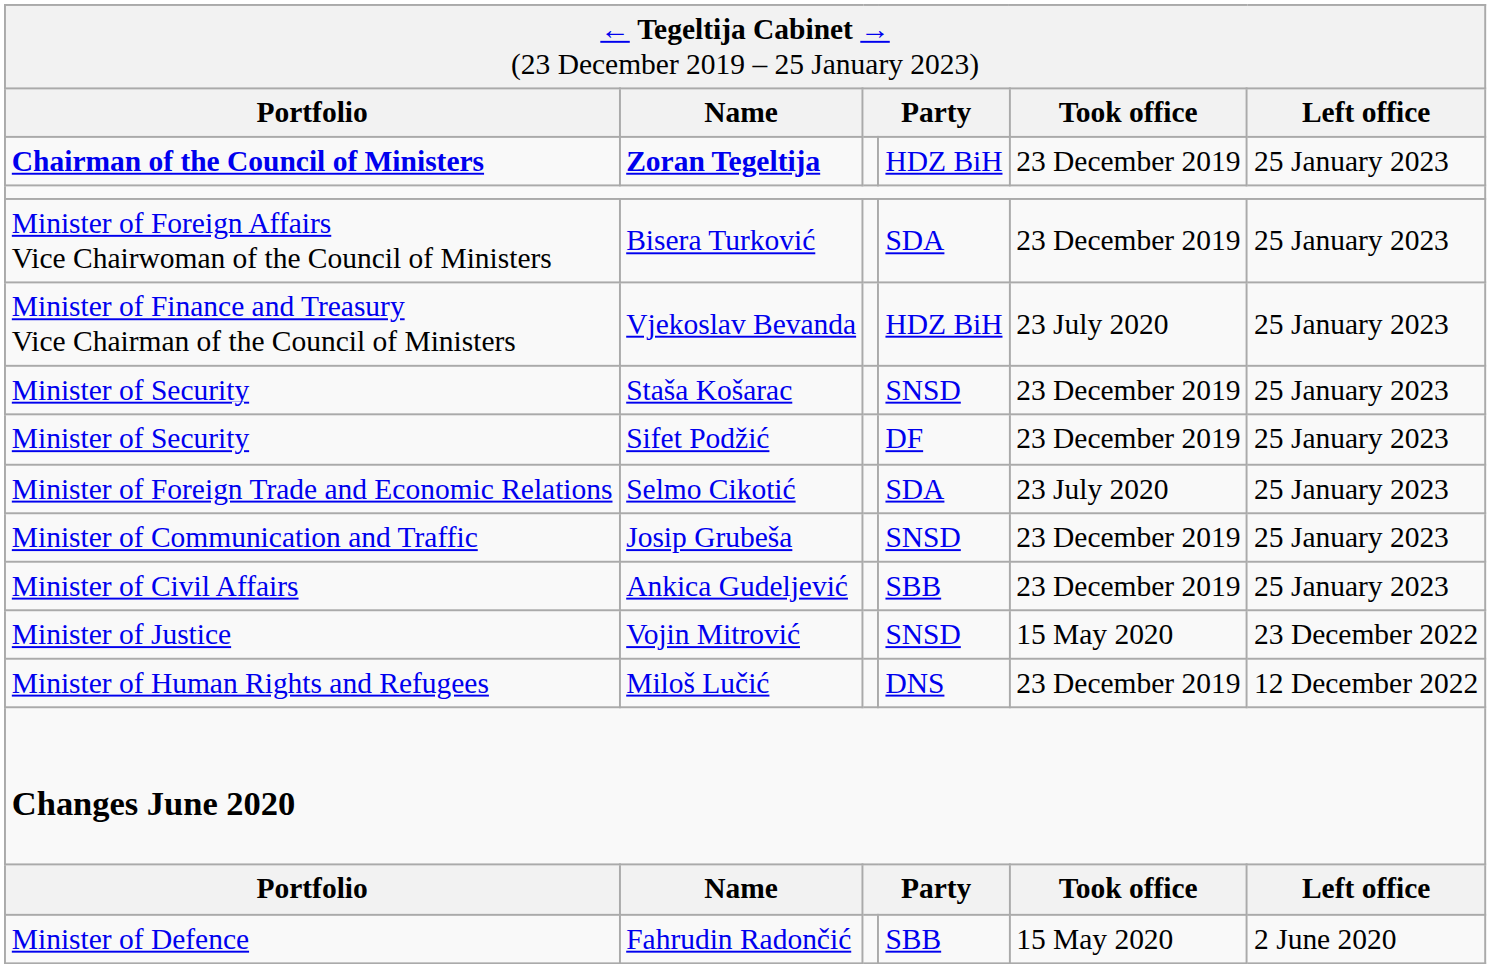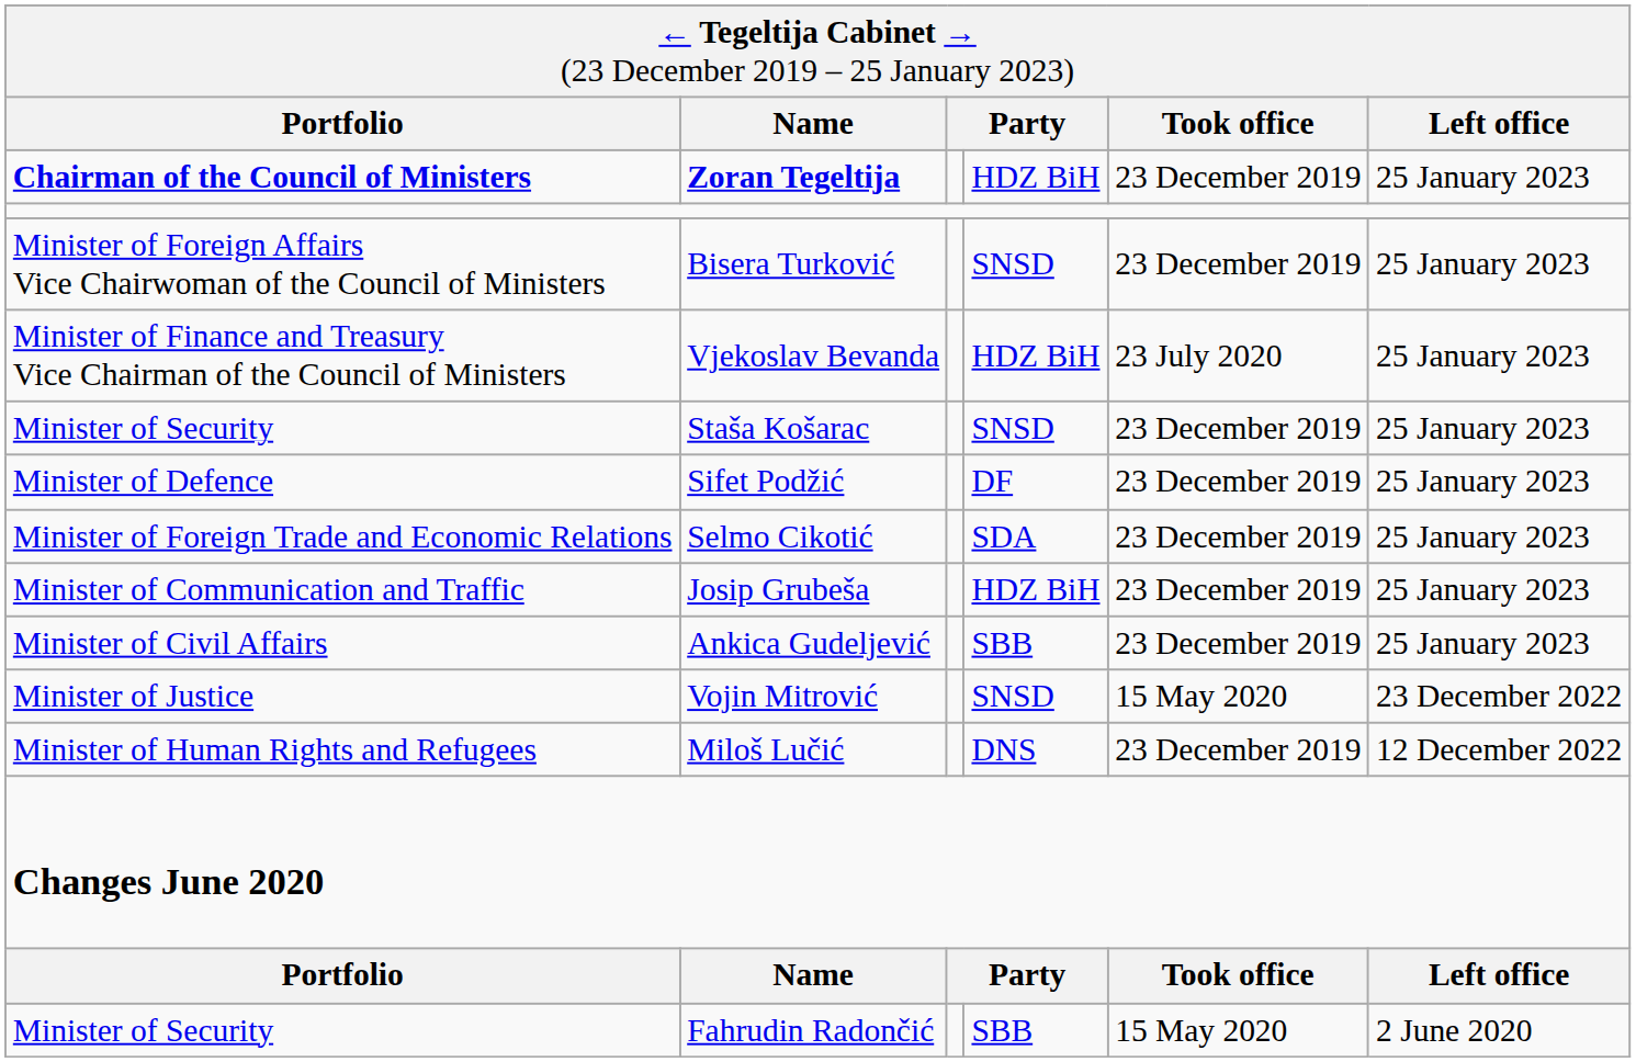 <table class="wikitable" style="font-size:95%;">
 <tr>
 <td colspan="7" bgcolor="#F2F2F2" align="center"><a href='#'>←</a> <strong>Tegeltija Cabinet</strong> <a href='#'>→</a> <br> (23 December 2019 – 25 January 2023)</td>
 </tr>
 <tr>
 <th>Portfolio</th>
 <th>Name</th>
 <th colspan="2">Party</th>
 <th>Took office</th>
 <th>Left office</th>
 </tr>
 <tr>
 <td><strong><a href='#'>Chairman of the Council of Ministers</a></strong></td>
 <td><strong><a href='#'>Zoran Tegeltija</a></strong></td>
 <td width="1" style="background-color:"></td>
 <td><a href='#'>HDZ BiH</a></td>
 <td>23 December 2019</td>
 <td>25 January 2023</td>
 </tr>
 <tr>
 <td colspan="7"></td>
 </tr>
 <tr>
 <td><a href='#'>Minister of Foreign Affairs</a> <br> Vice Chairwoman of the Council of Ministers</td>
 <td><a href='#'>Bisera Turković</a></td>
 <td style="background-color:"></td>
-<td><a href='#'>SDA</a></td>
+<td><a href='#'>SNSD</a></td>
 <td>23 December 2019</td>
 <td>25 January 2023</td>
 </tr>
 <tr>
 <td><a href='#'>Minister of Finance and Treasury</a> <br> Vice Chairman of the Council of Ministers</td>
 <td><a href='#'>Vjekoslav Bevanda</a></td>
 <td style="background-color:"></td>
 <td><a href='#'>HDZ BiH</a></td>
 <td>23 July 2020</td>
 <td>25 January 2023</td>
 </tr>
 <tr>
 <td><a href='#'>Minister of Security</a></td>
 <td><a href='#'>Staša Košarac</a></td>
 <td style="background-color:"></td>
 <td><a href='#'>SNSD</a></td>
 <td>23 December 2019</td>
 <td>25 January 2023</td>
 </tr>
 <tr>
-<td><a href='#'>Minister of Security</a></td>
+<td><a href='#'>Minister of Defence</a></td>
 <td><a href='#'>Sifet Podžić</a></td>
 <td style="background-color:"></td>
 <td><a href='#'>DF</a></td>
 <td>23 December 2019</td>
 <td>25 January 2023</td>
 </tr>
 <tr>
 <td><a href='#'>Minister of Foreign Trade and Economic Relations</a></td>
 <td><a href='#'>Selmo Cikotić</a></td>
 <td style="background-color:"></td>
 <td><a href='#'>SDA</a></td>
-<td>23 July 2020</td>
+<td>23 December 2019</td>
 <td>25 January 2023</td>
 </tr>
 <tr>
 <td><a href='#'>Minister of Communication and Traffic</a></td>
 <td><a href='#'>Josip Grubeša</a></td>
 <td style="background-color:"></td>
-<td><a href='#'>SNSD</a></td>
+<td><a href='#'>HDZ BiH</a></td>
 <td>23 December 2019</td>
 <td>25 January 2023</td>
 </tr>
 <tr>
 <td><a href='#'>Minister of Civil Affairs</a></td>
 <td><a href='#'>Ankica Gudeljević</a></td>
 <td style="background-color:"></td>
 <td><a href='#'>SBB</a></td>
 <td>23 December 2019</td>
 <td>25 January 2023</td>
 </tr>
 <tr>
 <td><a href='#'>Minister of Justice</a></td>
 <td><a href='#'>Vojin Mitrović</a></td>
 <td style="background-color:"></td>
 <td><a href='#'>SNSD</a></td>
 <td>15 May 2020</td>
 <td>23 December 2022</td>
 </tr>
 <tr>
 <td><a href='#'>Minister of Human Rights and Refugees</a></td>
 <td><a href='#'>Miloš Lučić</a></td>
 <td style="background-color:"></td>
 <td><a href='#'>DNS</a></td>
 <td>23 December 2019</td>
 <td>12 December 2022</td>
 </tr>
 <tr>
 <td colspan="7"><br><h3>Changes June 2020</h3></td>
 </tr>
 <tr>
 <th>Portfolio</th>
 <th>Name</th>
 <th colspan="2">Party</th>
 <th>Took office</th>
 <th>Left office</th>
 </tr>
 <tr>
-<td><a href='#'>Minister of Defence</a></td>
+<td><a href='#'>Minister of Security</a></td>
 <td><a href='#'>Fahrudin Radončić</a></td>
 <td width="1" style="background-color:"></td>
 <td><a href='#'>SBB</a></td>
 <td>15 May 2020</td>
 <td>2 June 2020</td>
 </tr>
 </table>
